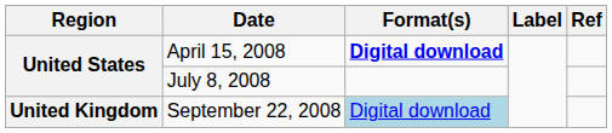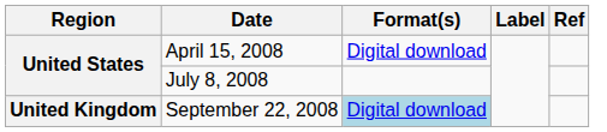 <table class="wikitable plainrowheaders">
 <tr>
 <th scope="col">Region</th>
 <th scope="col">Date</th>
 <th scope="col">Format(s)</th>
 <th scope="col">Label</th>
 <th scope="col">Ref</th>
 </tr>
 <tr>
 <th scope="row" rowspan="2">United States</th>
 <td>April 15, 2008</td>
-<td><strong><a href='#'>Digital download</a></strong></td>
+<td><a href='#'>Digital download</a></td>
 <td rowspan="3"></td>
 <td></td>
 </tr>
 <tr>
 <td>July 8, 2008</td>
 <td></td>
 <td></td>
 </tr>
 <tr>
 <th scope="row">United Kingdom</th>
 <td>September 22, 2008</td>
 <td style="background: lightblue;"><a href='#'>Digital download</a></td>
 <td></td>
 </tr>
 </table>
